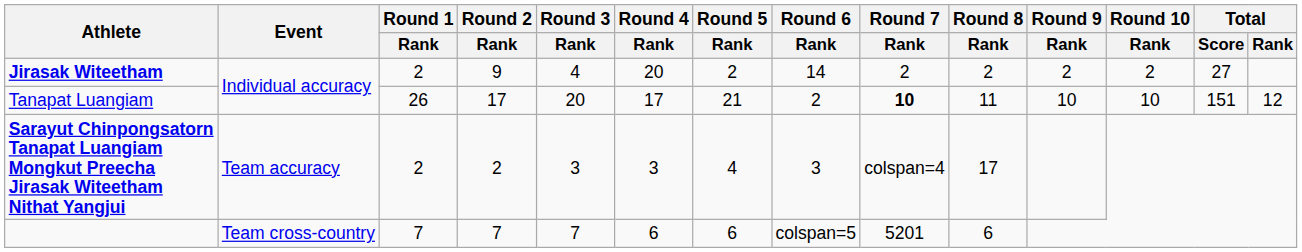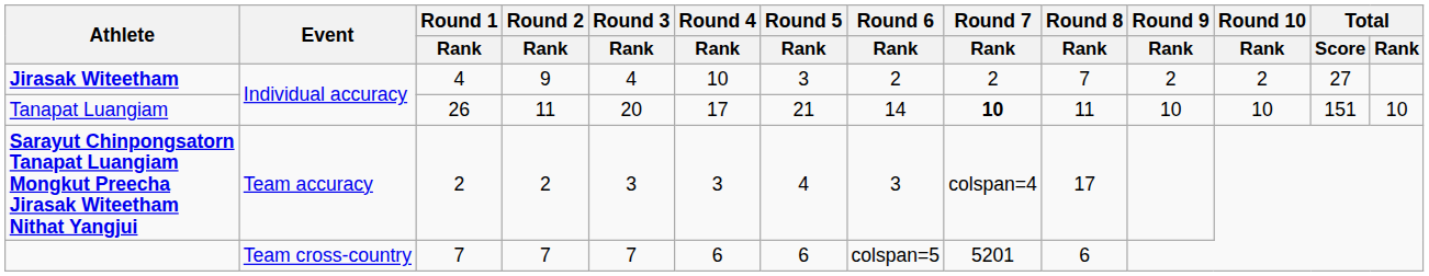 <table class=wikitable style=font-size:90%;text-align:center>
 <tr>
 <th rowspan=2>Athlete</th>
 <th rowspan=2>Event</th>
 <th>Round 1</th>
 <th>Round 2</th>
 <th>Round 3</th>
 <th>Round 4</th>
 <th>Round 5</th>
 <th>Round 6</th>
 <th>Round 7</th>
 <th>Round 8</th>
 <th>Round 9</th>
 <th>Round 10</th>
 <th colspan=2>Total</th>
 </tr>
 <tr style="font-size:95%">
 <th>Rank</th>
 <th>Rank</th>
 <th>Rank</th>
 <th>Rank</th>
 <th>Rank</th>
 <th>Rank</th>
 <th>Rank</th>
 <th>Rank</th>
 <th>Rank</th>
 <th>Rank</th>
 <th>Score</th>
 <th>Rank</th>
 </tr>
 <tr>
 <td align=left><strong><a href='#'>Jirasak Witeetham</a></strong></td>
 <td align=left rowspan=2><a href='#'>Individual accuracy</a></td>
-<td>2</td>
+<td>4</td>
 <td>9</td>
 <td>4</td>
-<td>20</td>
-<td>2</td>
-<td>14</td>
+<td>10</td>
+<td>3</td>
 <td>2</td>
 <td>2</td>
+<td>7</td>
 <td>2</td>
 <td>2</td>
 <td>27</td>
 <td></td>
 </tr>
 <tr>
 <td align=left><a href='#'>Tanapat Luangiam</a></td>
 <td>26</td>
-<td>17</td>
+<td>11</td>
 <td>20</td>
 <td>17</td>
 <td>21</td>
-<td>2</td>
+<td>14</td>
 <td><strong>10</strong></td>
 <td>11</td>
 <td>10</td>
 <td>10</td>
 <td>151</td>
-<td>12</td>
+<td>10</td>
 </tr>
 <tr>
 <td align=left><strong><a href='#'>Sarayut Chinpongsatorn</a><br><a href='#'>Tanapat Luangiam</a><br><a href='#'>Mongkut Preecha</a><br><a href='#'>Jirasak Witeetham</a><br><a href='#'>Nithat Yangjui</a></strong></td>
 <td align=left><a href='#'>Team accuracy</a></td>
 <td>2</td>
 <td>2</td>
 <td>3</td>
 <td>3</td>
 <td>4</td>
 <td>3</td>
 <td>colspan=4 </td>
 <td>17</td>
 <td></td>
 </tr>
 <tr>
 <td align=left></td>
 <td align=left><a href='#'>Team cross-country</a></td>
 <td>7</td>
 <td>7</td>
 <td>7</td>
 <td>6</td>
 <td>6</td>
 <td>colspan=5 </td>
 <td>5201</td>
 <td>6</td>
 </tr>
 </table>
